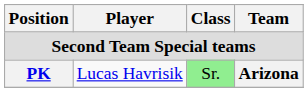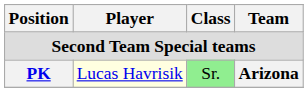 <table class="wikitable">
 <tr>
 <th>Position</th>
 <th>Player</th>
 <th>Class</th>
 <th>Team</th>
 </tr>
 <tr>
 <td colspan="4" style="text-align:center; background:#ddd;"><strong>Second Team Special teams</strong></td>
 </tr>
 <tr style="text-align:center;">
 <th rowspan="1"><a href='#'>PK</a></th>
-<td><a href='#'>Lucas Havrisik</a></td>
+<td style="background: lightyellow;"><a href='#'>Lucas Havrisik</a></td>
 <td style="background: lightgreen;">Sr.</td>
 <th style=>Arizona</th>
 </tr>
 <tr>
 </tr>
 </table>
